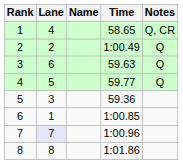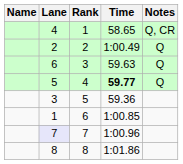 <table class="wikitable sortable" style="text-align:center">
 <tr>
+<th>Name</th>
+<th>Lane</th>
 <th>Rank</th>
-<th>Lane</th>
-<th>Name</th>
 <th>Time</th>
 <th>Notes</th>
 </tr>
 <tr bgcolor=ccffcc>
+<td align=left></td>
+<td>4</td>
 <td>1</td>
-<td>4</td>
-<td align=left></td>
 <td>58.65</td>
 <td>Q, CR</td>
 </tr>
 <tr bgcolor=ccffcc>
+<td align=left></td>
 <td>2</td>
 <td>2</td>
-<td align=left></td>
 <td>1:00.49</td>
 <td>Q</td>
 </tr>
 <tr bgcolor=ccffcc>
+<td align=left></td>
+<td>6</td>
 <td>3</td>
-<td>6</td>
-<td align=left></td>
 <td>59.63</td>
 <td>Q</td>
 </tr>
 <tr bgcolor=ccffcc>
+<td align=left></td>
+<td>5</td>
 <td>4</td>
-<td>5</td>
-<td align=left></td>
-<td>59.77</td>
+<td><strong>59.77</strong></td>
 <td>Q</td>
 </tr>
 <tr>
+<td align=left></td>
+<td>3</td>
 <td>5</td>
-<td>3</td>
-<td align=left></td>
 <td>59.36</td>
 <td></td>
 </tr>
 <tr>
+<td align=left></td>
+<td>1</td>
 <td>6</td>
-<td>1</td>
-<td align=left></td>
 <td>1:00.85</td>
 <td></td>
 </tr>
 <tr>
+<td align=left></td>
+<td style="background: lavender;">7</td>
 <td>7</td>
-<td style="background: lavender;">7</td>
-<td align=left></td>
 <td>1:00.96</td>
 <td></td>
 </tr>
 <tr>
+<td align=left></td>
 <td>8</td>
 <td>8</td>
-<td align=left></td>
 <td>1:01.86</td>
 <td></td>
 </tr>
 </table>
